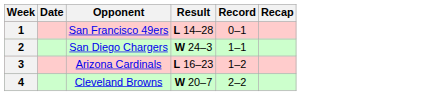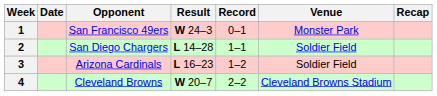 <table class="wikitable" style="text-align:center">
 <tr>
 <th>Week</th>
 <th>Date</th>
 <th>Opponent</th>
 <th>Result</th>
 <th>Record</th>
+<th>Venue</th>
 <th>Recap</th>
 </tr>
 <tr style="background:#fcc;">
 <th>1</th>
 <td></td>
 <td><a href='#'>San Francisco 49ers</a></td>
-<td><strong>L</strong> 14–28</td>
+<td><strong>W</strong> 24–3</td>
 <td>0–1</td>
+<td><a href='#'>Monster Park</a></td>
 <td></td>
 </tr>
 <tr style="background:#cfc;">
 <th>2</th>
 <td></td>
 <td><a href='#'>San Diego Chargers</a></td>
-<td><strong>W</strong> 24–3</td>
+<td><strong>L</strong> 14–28</td>
 <td>1–1</td>
+<td><a href='#'>Soldier Field</a></td>
 <td></td>
 </tr>
 <tr style="background:#fcc;">
 <th>3</th>
 <td></td>
 <td><a href='#'>Arizona Cardinals</a></td>
 <td><strong>L</strong> 16–23</td>
 <td>1–2</td>
+<td>Soldier Field</td>
 <td></td>
 </tr>
 <tr style="background:#cfc;">
 <th>4</th>
 <td></td>
 <td><a href='#'>Cleveland Browns</a></td>
 <td><strong>W</strong> 20–7</td>
 <td>2–2</td>
+<td><a href='#'>Cleveland Browns Stadium</a></td>
 <td></td>
 </tr>
 </table>
